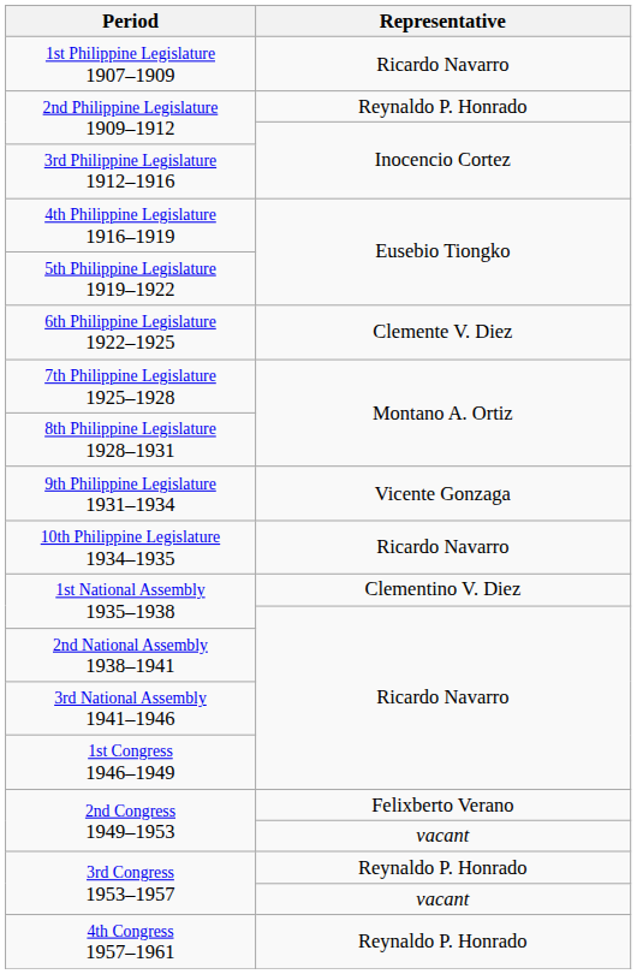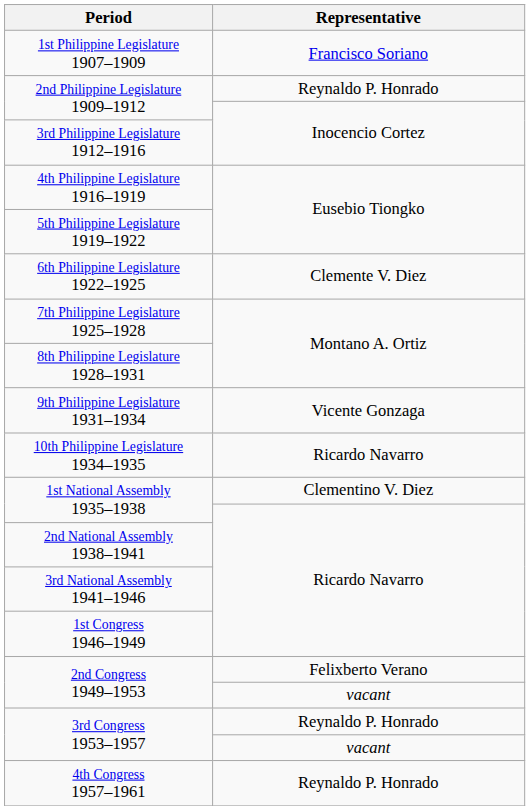 <table class="wikitable" style="text-align:center; width:40%;">
 <tr>
 <th width=40%>Period</th>
 <th>Representative</th>
 </tr>
 <tr>
 <td><small><a href='#'>1st Philippine Legislature</a></small><br>1907–1909</td>
-<td>Ricardo Navarro</td>
+<td><a href='#'>Francisco Soriano</a></td>
 </tr>
 <tr>
 <td rowspan=2><small><a href='#'>2nd Philippine Legislature</a></small><br>1909–1912</td>
 <td>Reynaldo P. Honrado</td>
 </tr>
 <tr>
 <td rowspan=2>Inocencio Cortez</td>
 </tr>
 <tr>
 <td><small><a href='#'>3rd Philippine Legislature</a></small><br>1912–1916</td>
 </tr>
 <tr>
 <td><small><a href='#'>4th Philippine Legislature</a></small><br>1916–1919</td>
 <td rowspan=2>Eusebio Tiongko</td>
 </tr>
 <tr>
 <td><small><a href='#'>5th Philippine Legislature</a></small><br>1919–1922</td>
 </tr>
 <tr>
 <td><small><a href='#'>6th Philippine Legislature</a></small><br>1922–1925</td>
 <td>Clemente V. Diez</td>
 </tr>
 <tr>
 <td><small><a href='#'>7th Philippine Legislature</a></small><br>1925–1928</td>
 <td rowspan=2>Montano A. Ortiz</td>
 </tr>
 <tr>
 <td><small><a href='#'>8th Philippine Legislature</a></small><br>1928–1931</td>
 </tr>
 <tr>
 <td><small><a href='#'>9th Philippine Legislature</a></small><br>1931–1934</td>
 <td>Vicente Gonzaga</td>
 </tr>
 <tr>
 <td><small><a href='#'>10th Philippine Legislature</a></small><br>1934–1935</td>
 <td>Ricardo Navarro</td>
 </tr>
 <tr>
 <td rowspan=2><small><a href='#'>1st National Assembly</a></small><br>1935–1938</td>
 <td>Clementino V. Diez</td>
 </tr>
 <tr>
 <td rowspan=4>Ricardo Navarro</td>
 </tr>
 <tr>
 <td><small><a href='#'>2nd National Assembly</a></small><br>1938–1941</td>
 </tr>
 <tr>
 <td><small><a href='#'>3rd National Assembly</a></small><br>1941–1946</td>
 </tr>
 <tr>
 <td><small><a href='#'>1st Congress</a></small><br>1946–1949</td>
 </tr>
 <tr>
 <td rowspan=2><small><a href='#'>2nd Congress</a></small><br>1949–1953</td>
 <td>Felixberto Verano</td>
 </tr>
 <tr>
 <td><em>vacant</em></td>
 </tr>
 <tr>
 <td rowspan=2><small><a href='#'>3rd Congress</a></small><br>1953–1957</td>
 <td>Reynaldo P. Honrado</td>
 </tr>
 <tr>
 <td><em>vacant</em></td>
 </tr>
 <tr>
 <td><small><a href='#'>4th Congress</a></small><br>1957–1961</td>
 <td>Reynaldo P. Honrado</td>
 </tr>
 </table>
